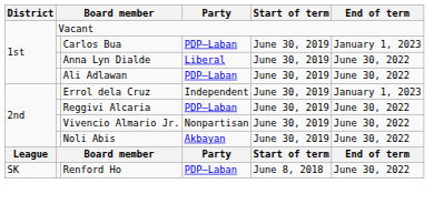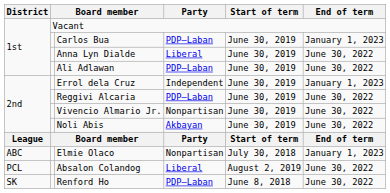 <table class="wikitable">
 <tr>
 <th>District</th>
 <th colspan="2">Board member</th>
 <th>Party</th>
 <th>Start of term</th>
 <th>End of term</th>
 </tr>
 <tr>
 <td rowspan="4">1st</td>
 <td colspan="5">Vacant</td>
 </tr>
 <tr>
 <td></td>
 <td>Carlos Bua</td>
 <td><a href='#'>PDP–Laban</a></td>
 <td>June 30, 2019</td>
 <td>January 1, 2023</td>
 </tr>
 <tr>
 <td></td>
 <td>Anna Lyn Dialde</td>
 <td><a href='#'>Liberal</a></td>
 <td>June 30, 2019</td>
 <td>June 30, 2022</td>
 </tr>
 <tr>
 <td></td>
 <td>Ali Adlawan</td>
 <td><a href='#'>PDP–Laban</a></td>
 <td>June 30, 2019</td>
 <td>June 30, 2022</td>
 </tr>
 <tr>
 <td rowspan="4">2nd</td>
 <td></td>
 <td>Errol dela Cruz</td>
 <td>Independent</td>
 <td>June 30, 2019</td>
 <td>January 1, 2023</td>
 </tr>
 <tr>
 <td></td>
 <td>Reggivi Alcaria</td>
 <td><a href='#'>PDP–Laban</a></td>
 <td>June 30, 2019</td>
 <td>June 30, 2022</td>
 </tr>
 <tr>
 <td></td>
 <td>Vivencio Almario Jr.</td>
 <td>Nonpartisan</td>
 <td>June 30, 2019</td>
 <td>June 30, 2022</td>
 </tr>
 <tr>
 <td></td>
 <td>Noli Abis</td>
 <td><a href='#'>Akbayan</a></td>
 <td>June 30, 2019</td>
 <td>June 30, 2022</td>
 </tr>
 <tr>
 <th>League</th>
 <th colspan="2">Board member</th>
 <th>Party</th>
 <th>Start of term</th>
 <th>End of term</th>
 </tr>
 <tr>
+<td>ABC</td>
+<td></td>
+<td>Elmie Olaco</td>
+<td>Nonpartisan</td>
+<td>July 30, 2018</td>
+<td>January 1, 2023</td>
+</tr>
+<tr>
+<td>PCL</td>
+<td></td>
+<td>Absalon Colandog</td>
+<td><a href='#'>Liberal</a></td>
+<td>August 2, 2019</td>
+<td>June 30, 2022</td>
+</tr>
+<tr>
 <td>SK</td>
 <td></td>
 <td>Renford Ho</td>
 <td><a href='#'>PDP–Laban</a></td>
 <td>June 8, 2018</td>
 <td>June 30, 2022</td>
 </tr>
 </table>
